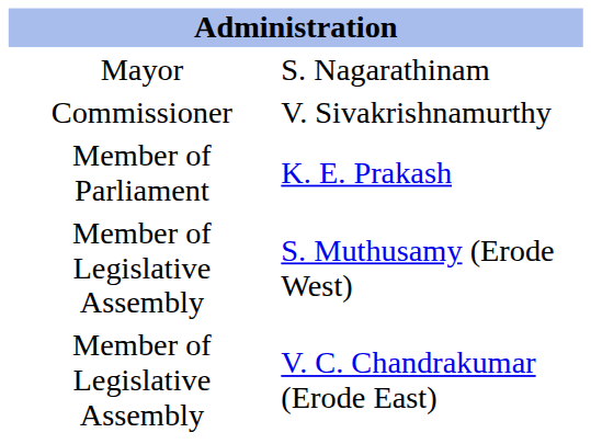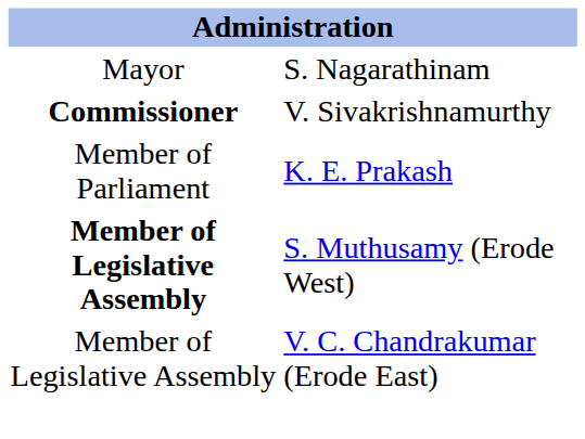 <table class="toccolours" style="clear:right; float:right; background:#fff; margin:0 0 0.5em 1em; width:300px">
 <tr>
 <th colspan="5"  style="background:#a8bdec; text-align:center;"><strong>Administration</strong></th>
 </tr>
 <tr>
 <td style="text-align:center;">Mayor</td>
 <td>S. Nagarathinam</td>
 </tr>
 <tr>
-<td style="text-align:center;">Commissioner</td>
+<td style="text-align:center;"><strong>Commissioner</strong></td>
 <td>V. Sivakrishnamurthy</td>
 </tr>
 <tr>
 <td style="text-align:center;">Member of Parliament</td>
 <td><a href='#'>K. E. Prakash</a></td>
 </tr>
 <tr>
-<td style="text-align:center;">Member of Legislative Assembly</td>
+<td style="text-align:center;"><strong>Member of Legislative Assembly</strong></td>
 <td><a href='#'>S. Muthusamy</a> (Erode West)</td>
 </tr>
 <tr>
 <td style="text-align:center;">Member of Legislative Assembly</td>
 <td><a href='#'>V. C. Chandrakumar</a> (Erode East)</td>
 </tr>
 </table>
